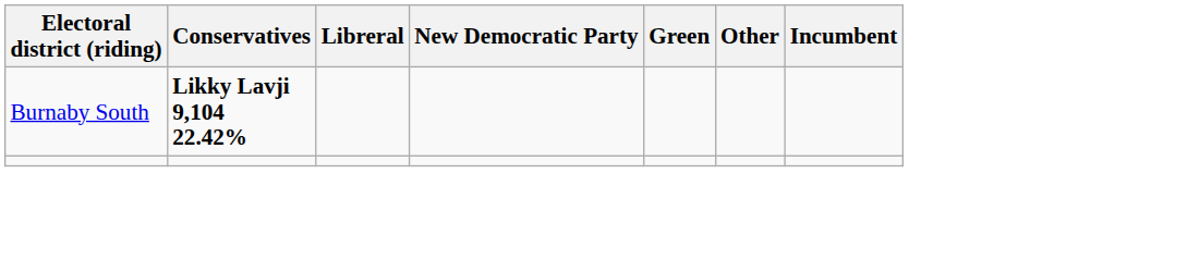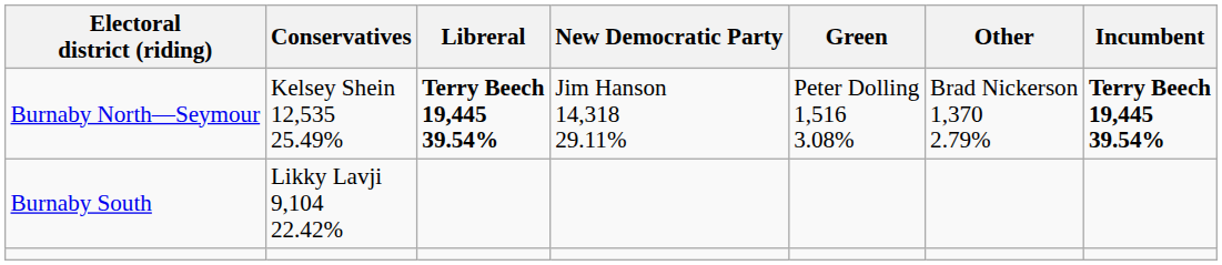 <table class="wikitable sortable">
 <tr>
 <th>Electoral<br>district (riding)</th>
 <th>Conservatives</th>
 <th>Libreral</th>
 <th>New Democratic Party</th>
 <th>Green</th>
 <th>Other</th>
 <th>Incumbent</th>
 </tr>
 <tr>
+<td><a href='#'>Burnaby North—Seymour</a></td>
+<td>Kelsey Shein<br>12,535<br>25.49%</td>
+<td><strong>Terry Beech</strong><br><strong>19,445</strong><br><strong>39.54%</strong></td>
+<td>Jim Hanson<br>14,318<br>29.11%</td>
+<td>Peter Dolling<br>1,516<br>3.08%</td>
+<td>Brad Nickerson<br>1,370<br>2.79%</td>
+<td><strong>Terry Beech</strong><br><strong>19,445</strong><br><strong>39.54%</strong></td>
+</tr>
+<tr>
 <td><a href='#'>Burnaby South</a></td>
-<td><strong>Likky Lavji<br>9,104<br>22.42%</strong></td>
+<td>Likky Lavji<br>9,104<br>22.42%</td>
 <td></td>
 <td></td>
 <td></td>
 <td></td>
 <td></td>
 </tr>
 <tr>
 <td></td>
 <td></td>
 <td></td>
 <td></td>
 <td></td>
 <td></td>
 <td></td>
 </tr>
 </table>
